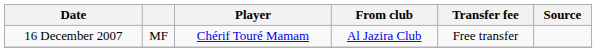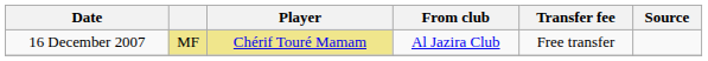 <table class="wikitable sortable" style="width:70%; text-align:center; font-size:85%; text-align:centre;">
 <tr>
 <th>Date</th>
 <th></th>
 <th>Player</th>
 <th>From club</th>
 <th>Transfer fee</th>
 <th>Source</th>
 </tr>
 <tr>
 <td>16 December 2007</td>
-<td>MF</td>
-<td> <a href='#'>Chérif Touré Mamam</a></td>
+<td style="background: khaki;">MF</td>
+<td style="background: khaki;"> <a href='#'>Chérif Touré Mamam</a></td>
 <td> <a href='#'>Al Jazira Club</a></td>
 <td>Free transfer</td>
 <td></td>
 </tr>
 <tr>
 </tr>
 </table>
